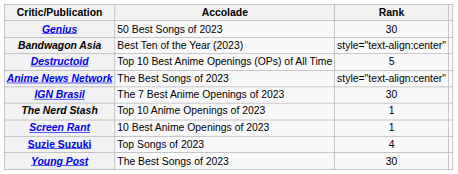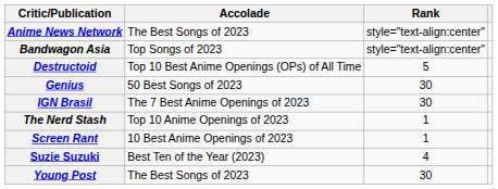 <table class="wikitable plainrowheaders">
 <tr>
 <th scope="col">Critic/Publication</th>
 <th scope="col">Accolade</th>
 <th scope="col">Rank</th>
 <th scope="col" class="unsortable"></th>
 </tr>
 <tr>
-<th scope="row"><em><a href='#'>Genius</a></em></th>
-<td>50 Best Songs of 2023</td>
-<td style="text-align:center">30</td>
+<th scope="row"><em><a href='#'>Anime News Network</a></em></th>
+<td>The Best Songs of 2023</td>
+<td>style="text-align:center" </td>
 <td style="text-align:center"></td>
 </tr>
 <tr>
 <th scope="row"><em>Bandwagon Asia</em></th>
-<td>Best Ten of the Year (2023)</td>
+<td>Top Songs of 2023</td>
 <td>style="text-align:center" </td>
 <td style="text-align:center"></td>
 </tr>
 <tr>
 <th scope="row"><em><a href='#'>Destructoid</a></em></th>
 <td>Top 10 Best Anime Openings (OPs) of All Time</td>
 <td style="text-align:center">5</td>
 <td style="text-align:center"></td>
 </tr>
 <tr>
-<th scope="row"><em><a href='#'>Anime News Network</a></em></th>
-<td>The Best Songs of 2023</td>
-<td>style="text-align:center" </td>
+<th scope="row"><em><a href='#'>Genius</a></em></th>
+<td>50 Best Songs of 2023</td>
+<td style="text-align:center">30</td>
 <td style="text-align:center"></td>
 </tr>
 <tr>
 <th scope="row"><em><a href='#'>IGN Brasil</a></em></th>
 <td>The 7 Best Anime Openings of 2023</td>
 <td style="text-align:center">30</td>
 <td style="text-align:center"></td>
 </tr>
 <tr>
 <th scope="row"><em>The Nerd Stash</em></th>
 <td>Top 10 Anime Openings of 2023</td>
 <td style="text-align:center">1</td>
 <td style="text-align:center"></td>
 </tr>
 <tr>
 <th scope="row"><em><a href='#'>Screen Rant</a></em></th>
 <td>10 Best Anime Openings of 2023</td>
 <td style="text-align:center">1</td>
 <td style="text-align:center"></td>
 </tr>
 <tr>
 <th scope="row"><a href='#'>Suzie Suzuki</a></th>
-<td>Top Songs of 2023</td>
+<td>Best Ten of the Year (2023)</td>
 <td style="text-align:center">4</td>
 <td style="text-align:center"></td>
 </tr>
 <tr>
 <th scope="row"><em><a href='#'>Young Post</a></em></th>
 <td>The Best Songs of 2023</td>
 <td style="text-align:center">30</td>
 <td style="text-align:center"></td>
 </tr>
 </table>
